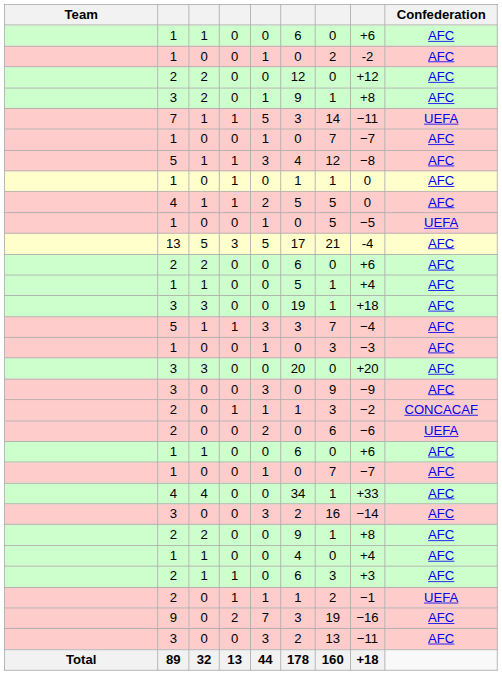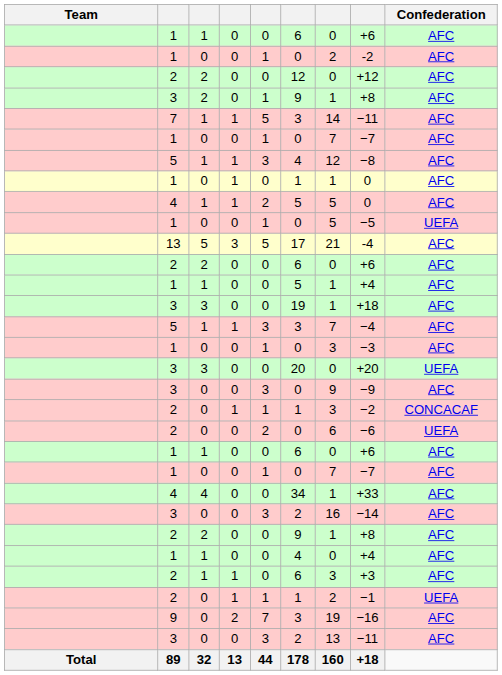 <table class="wikitable sortable" style="text-align:center;">
 <tr>
 <th width=180>Team</th>
 <th width=30></th>
 <th width=30></th>
 <th width=30></th>
 <th width=30></th>
 <th width=35></th>
 <th width=35></th>
 <th width=35></th>
 <th width=130>Confederation</th>
 </tr>
 <tr bgcolor=#CCFFCC>
 <td align="left"></td>
 <td>1</td>
 <td>1</td>
 <td>0</td>
 <td>0</td>
 <td>6</td>
 <td>0</td>
 <td>+6</td>
 <td><a href='#'>AFC</a></td>
 </tr>
 <tr bgcolor=#FFCCCC>
 <td align="left"></td>
 <td>1</td>
 <td>0</td>
 <td>0</td>
 <td>1</td>
 <td>0</td>
 <td>2</td>
 <td>-2</td>
 <td><a href='#'>AFC</a></td>
 </tr>
 <tr bgcolor=#CCFFCC>
 <td align="left"></td>
 <td>2</td>
 <td>2</td>
 <td>0</td>
 <td>0</td>
 <td>12</td>
 <td>0</td>
 <td>+12</td>
 <td><a href='#'>AFC</a></td>
 </tr>
 <tr bgcolor=#CCFFCC>
 <td align="left"></td>
 <td>3</td>
 <td>2</td>
 <td>0</td>
 <td>1</td>
 <td>9</td>
 <td>1</td>
 <td>+8</td>
 <td><a href='#'>AFC</a></td>
 </tr>
 <tr bgcolor=#FFCCCC>
 <td align="left"></td>
 <td>7</td>
 <td>1</td>
 <td>1</td>
 <td>5</td>
 <td>3</td>
 <td>14</td>
 <td>−11</td>
-<td><a href='#'>UEFA</a></td>
+<td><a href='#'>AFC</a></td>
 </tr>
 <tr bgcolor=#FFCCCC>
 <td align="left"></td>
 <td>1</td>
 <td>0</td>
 <td>0</td>
 <td>1</td>
 <td>0</td>
 <td>7</td>
 <td>−7</td>
 <td><a href='#'>AFC</a></td>
 </tr>
 <tr bgcolor=#FFCCCC>
 <td align="left"></td>
 <td>5</td>
 <td>1</td>
 <td>1</td>
 <td>3</td>
 <td>4</td>
 <td>12</td>
 <td>−8</td>
 <td><a href='#'>AFC</a></td>
 </tr>
 <tr bgcolor=#FFFFCC>
 <td align="left"></td>
 <td>1</td>
 <td>0</td>
 <td>1</td>
 <td>0</td>
 <td>1</td>
 <td>1</td>
 <td>0</td>
 <td><a href='#'>AFC</a></td>
 </tr>
 <tr bgcolor=#FFCCCC>
 <td align="left"></td>
 <td>4</td>
 <td>1</td>
 <td>1</td>
 <td>2</td>
 <td>5</td>
 <td>5</td>
 <td>0</td>
 <td><a href='#'>AFC</a></td>
 </tr>
 <tr bgcolor=#FFCCCC>
 <td align="left"></td>
 <td>1</td>
 <td>0</td>
 <td>0</td>
 <td>1</td>
 <td>0</td>
 <td>5</td>
 <td>−5</td>
 <td><a href='#'>UEFA</a></td>
 </tr>
 <tr bgcolor=#FFFFCC>
 <td align="left"></td>
 <td>13</td>
 <td>5</td>
 <td>3</td>
 <td>5</td>
 <td>17</td>
 <td>21</td>
 <td>-4</td>
 <td><a href='#'>AFC</a></td>
 </tr>
 <tr bgcolor=#CCFFCC>
 <td align="left"></td>
 <td>2</td>
 <td>2</td>
 <td>0</td>
 <td>0</td>
 <td>6</td>
 <td>0</td>
 <td>+6</td>
 <td><a href='#'>AFC</a></td>
 </tr>
 <tr bgcolor=#CCFFCC>
 <td align="left"></td>
 <td>1</td>
 <td>1</td>
 <td>0</td>
 <td>0</td>
 <td>5</td>
 <td>1</td>
 <td>+4</td>
 <td><a href='#'>AFC</a></td>
 </tr>
 <tr bgcolor=#CCFFCC>
 <td align="left"></td>
 <td>3</td>
 <td>3</td>
 <td>0</td>
 <td>0</td>
 <td>19</td>
 <td>1</td>
 <td>+18</td>
 <td><a href='#'>AFC</a></td>
 </tr>
 <tr bgcolor=#FFCCCC>
 <td align="left"></td>
 <td>5</td>
 <td>1</td>
 <td>1</td>
 <td>3</td>
 <td>3</td>
 <td>7</td>
 <td>−4</td>
 <td><a href='#'>AFC</a></td>
 </tr>
 <tr bgcolor=#FFCCCC>
 <td align="left"></td>
 <td>1</td>
 <td>0</td>
 <td>0</td>
 <td>1</td>
 <td>0</td>
 <td>3</td>
 <td>−3</td>
 <td><a href='#'>AFC</a></td>
 </tr>
 <tr bgcolor=#CCFFCC>
 <td align="left"></td>
 <td>3</td>
 <td>3</td>
 <td>0</td>
 <td>0</td>
 <td>20</td>
 <td>0</td>
 <td>+20</td>
-<td><a href='#'>AFC</a></td>
+<td><a href='#'>UEFA</a></td>
 </tr>
 <tr bgcolor=#FFCCCC>
 <td align="left"></td>
 <td>3</td>
 <td>0</td>
 <td>0</td>
 <td>3</td>
 <td>0</td>
 <td>9</td>
 <td>−9</td>
 <td><a href='#'>AFC</a></td>
 </tr>
 <tr bgcolor=#FFCCCC>
 <td align="left"></td>
 <td>2</td>
 <td>0</td>
 <td>1</td>
 <td>1</td>
 <td>1</td>
 <td>3</td>
 <td>−2</td>
 <td><a href='#'>CONCACAF</a></td>
 </tr>
 <tr bgcolor=#FFCCCC>
 <td align="left"></td>
 <td>2</td>
 <td>0</td>
 <td>0</td>
 <td>2</td>
 <td>0</td>
 <td>6</td>
 <td>−6</td>
 <td><a href='#'>UEFA</a></td>
 </tr>
 <tr bgcolor=#CCFFCC>
 <td align="left"></td>
 <td>1</td>
 <td>1</td>
 <td>0</td>
 <td>0</td>
 <td>6</td>
 <td>0</td>
 <td>+6</td>
 <td><a href='#'>AFC</a></td>
 </tr>
 <tr bgcolor=#FFCCCC>
 <td align="left"></td>
 <td>1</td>
 <td>0</td>
 <td>0</td>
 <td>1</td>
 <td>0</td>
 <td>7</td>
 <td>−7</td>
 <td><a href='#'>AFC</a></td>
 </tr>
 <tr bgcolor=#CCFFCC>
 <td align="left"></td>
 <td>4</td>
 <td>4</td>
 <td>0</td>
 <td>0</td>
 <td>34</td>
 <td>1</td>
 <td>+33</td>
 <td><a href='#'>AFC</a></td>
 </tr>
 <tr bgcolor=#FFCCCC>
 <td align="left"></td>
 <td>3</td>
 <td>0</td>
 <td>0</td>
 <td>3</td>
 <td>2</td>
 <td>16</td>
 <td>−14</td>
 <td><a href='#'>AFC</a></td>
 </tr>
 <tr bgcolor=#CCFFCC>
 <td align="left"></td>
 <td>2</td>
 <td>2</td>
 <td>0</td>
 <td>0</td>
 <td>9</td>
 <td>1</td>
 <td>+8</td>
 <td><a href='#'>AFC</a></td>
 </tr>
 <tr bgcolor=#CCFFCC>
 <td align="left"></td>
 <td>1</td>
 <td>1</td>
 <td>0</td>
 <td>0</td>
 <td>4</td>
 <td>0</td>
 <td>+4</td>
 <td><a href='#'>AFC</a></td>
 </tr>
 <tr bgcolor=#CCFFCC>
 <td align="left"></td>
 <td>2</td>
 <td>1</td>
 <td>1</td>
 <td>0</td>
 <td>6</td>
 <td>3</td>
 <td>+3</td>
 <td><a href='#'>AFC</a></td>
 </tr>
 <tr bgcolor=#FFCCCC>
 <td align="left"></td>
 <td>2</td>
 <td>0</td>
 <td>1</td>
 <td>1</td>
 <td>1</td>
 <td>2</td>
 <td>−1</td>
 <td><a href='#'>UEFA</a></td>
 </tr>
 <tr bgcolor=#FFCCCC>
 <td align="left"></td>
 <td>9</td>
 <td>0</td>
 <td>2</td>
 <td>7</td>
 <td>3</td>
 <td>19</td>
 <td>−16</td>
 <td><a href='#'>AFC</a></td>
 </tr>
 <tr bgcolor=#FFCCCC>
 <td align="left"></td>
 <td>3</td>
 <td>0</td>
 <td>0</td>
 <td>3</td>
 <td>2</td>
 <td>13</td>
 <td>−11</td>
 <td><a href='#'>AFC</a></td>
 </tr>
 <tr class="sortbottom">
 <th>Total</th>
 <th>89</th>
 <th>32</th>
 <th>13</th>
 <th>44</th>
 <th>178</th>
 <th>160</th>
 <th>+18</th>
 </tr>
 </table>
